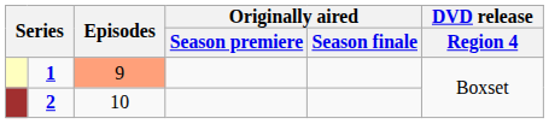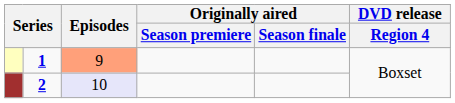 <table class="wikitable" style="text-align: center;">
 <tr>
 <th style="padding: 0 8px;" rowspan="2" colspan="2">Series</th>
 <th style="padding: 0 8px;" rowspan="2">Episodes</th>
 <th style="padding: 0 8px;" colspan="2">Originally aired</th>
 <th style="padding: 0 8px;"><a href='#'>DVD</a> release</th>
 </tr>
 <tr>
 <th><a href='#'>Season premiere</a></th>
 <th><a href='#'>Season finale</a></th>
 <th><a href='#'>Region 4</a></th>
 </tr>
 <tr>
 <td style="background-color:#FFFFBF;"></td>
 <td><strong><a href='#'>1</a></strong></td>
 <td style="background: lightsalmon;">9</td>
 <td></td>
 <td></td>
 <td rowspan="2">Boxset<br></td>
 </tr>
 <tr>
 <td style="background-color:#A12F2F;"></td>
 <td><strong><a href='#'>2</a></strong></td>
-<td>10</td>
+<td style="background: lavender;">10</td>
 <td></td>
 <td></td>
 </tr>
 </table>
